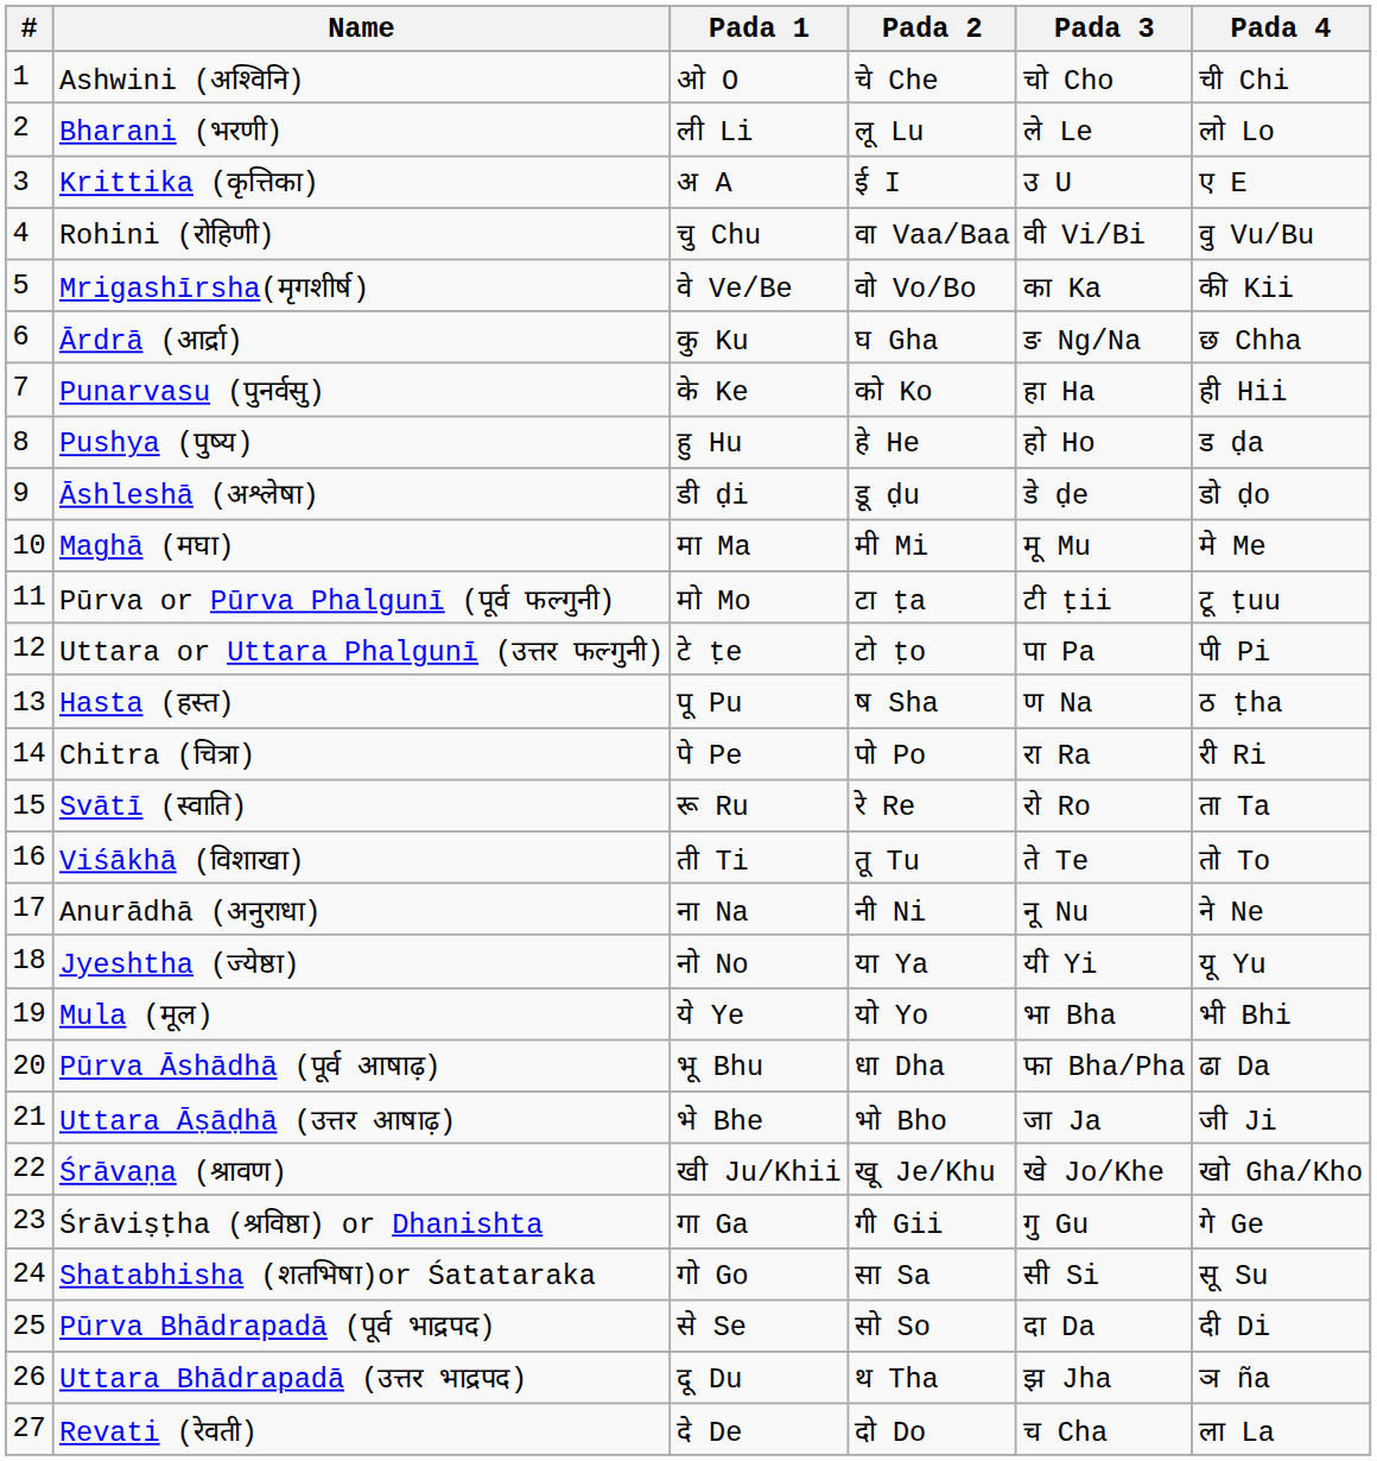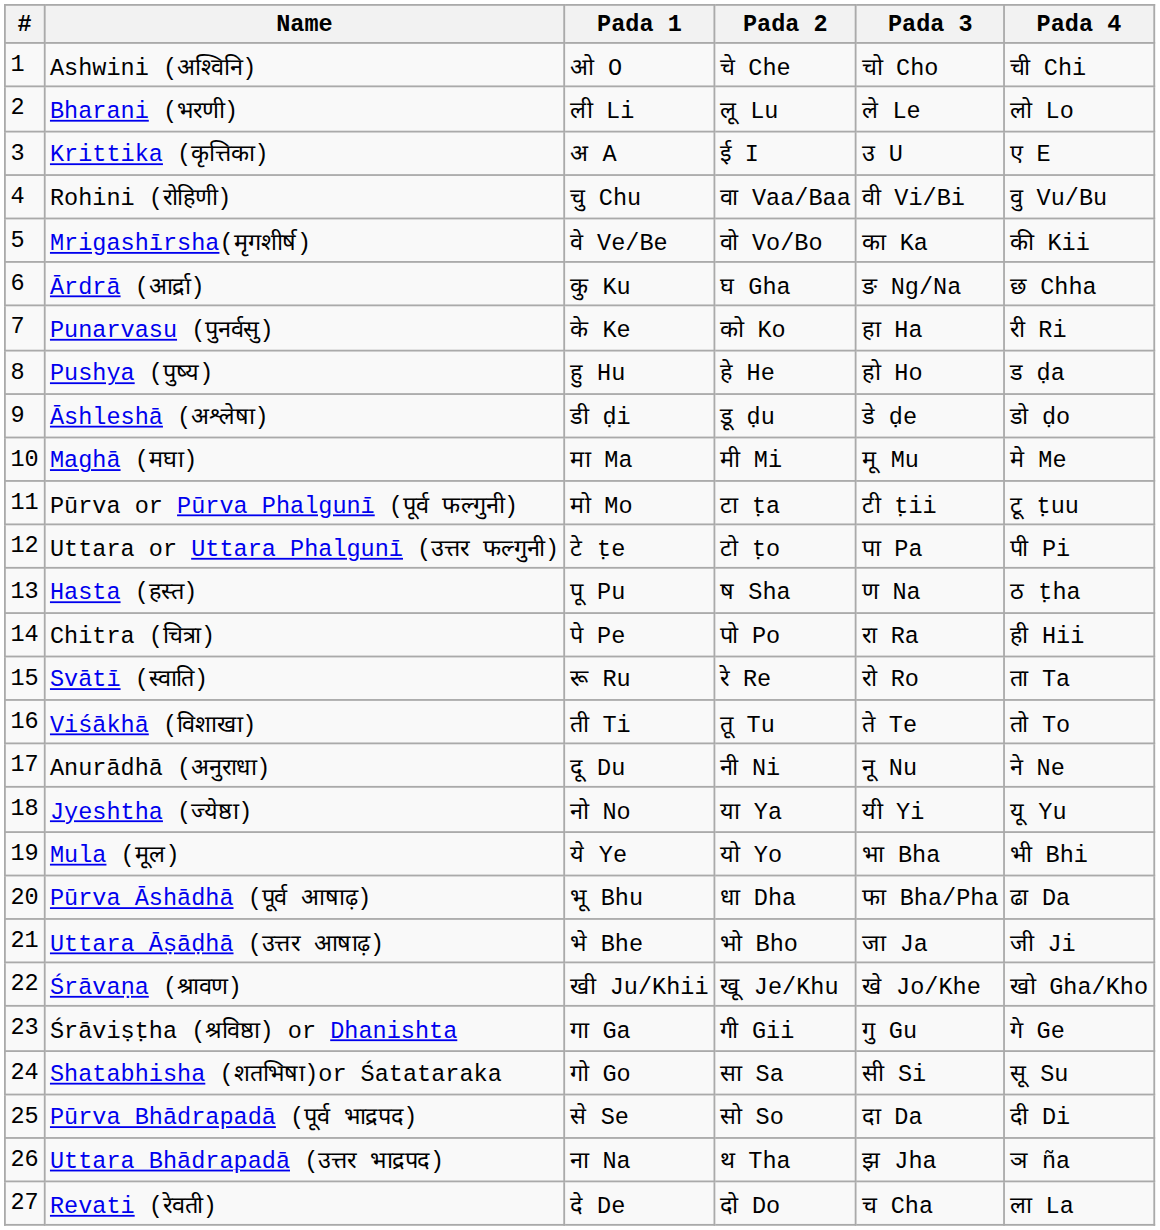 <table class="wikitable" align="center" cellspacing="2" cellpadding="">
 <tr bgcolor=#cccccc>
 <th>#</th>
 <th>Name</th>
 <th>Pada 1</th>
 <th>Pada 2</th>
 <th>Pada 3</th>
 <th>Pada 4</th>
 </tr>
 <tr>
 <td>1</td>
 <td>Ashwini (अश्विनि)</td>
 <td>ओ O</td>
 <td>चे  Che</td>
 <td>चो  Cho</td>
 <td>ची  Chi</td>
 </tr>
 <tr>
 <td>2</td>
 <td><a href='#'>Bharani</a> (भरणी)</td>
 <td>ली  Li</td>
 <td>लू  Lu</td>
 <td>ले  Le</td>
 <td>लो  Lo</td>
 </tr>
 <tr>
 <td>3</td>
 <td><a href='#'>Krittika</a> (कृत्तिका)</td>
 <td>अ A</td>
 <td>ई I</td>
 <td>उ U</td>
 <td>ए E</td>
 </tr>
 <tr>
 <td>4</td>
 <td>Rohini (रोहिणी)</td>
 <td>चु  Chu</td>
 <td>वा  Vaa/Baa</td>
 <td>वी  Vi/Bi</td>
 <td>वु  Vu/Bu</td>
 </tr>
 <tr>
 <td>5</td>
 <td><a href='#'>Mrigashīrsha</a>(मृगशीर्ष)</td>
 <td>वे  Ve/Be</td>
 <td>वो  Vo/Bo</td>
 <td>का  Ka</td>
 <td>की  Kii</td>
 </tr>
 <tr>
 <td>6</td>
 <td><a href='#'>Ārdrā</a> (आर्द्रा)</td>
 <td>कु  Ku</td>
 <td>घ Gha</td>
 <td>ङ Ng/Na</td>
 <td>छ Chha</td>
 </tr>
 <tr>
 <td>7</td>
 <td><a href='#'>Punarvasu</a> (पुनर्वसु)</td>
 <td>के  Ke</td>
 <td>को  Ko</td>
 <td>हा  Ha</td>
-<td>ही  Hii</td>
+<td>री  Ri</td>
 </tr>
 <tr>
 <td>8</td>
 <td><a href='#'>Pushya</a> (पुष्य)</td>
 <td>हु  Hu</td>
 <td>हे  He</td>
 <td>हो  Ho</td>
 <td>ड ḍa</td>
 </tr>
 <tr>
 <td>9</td>
 <td><a href='#'>Āshleshā</a> (अश्लेषा)</td>
 <td>डी  ḍi</td>
 <td>डू  ḍu</td>
 <td>डे  ḍe</td>
 <td>डो  ḍo</td>
 </tr>
 <tr>
 <td>10</td>
 <td><a href='#'>Maghā</a> (मघा)</td>
 <td>मा  Ma</td>
 <td>मी  Mi</td>
 <td>मू  Mu</td>
 <td>मे  Me</td>
 </tr>
 <tr>
 <td>11</td>
 <td>Pūrva or <a href='#'>Pūrva Phalgunī</a> (पूर्व फल्गुनी)</td>
 <td>मो  Mo</td>
 <td>टा  ṭa</td>
 <td>टी  ṭii</td>
 <td>टू  ṭuu</td>
 </tr>
 <tr>
 <td>12</td>
 <td>Uttara or <a href='#'>Uttara Phalgunī</a> (उत्तर फल्गुनी)</td>
 <td>टे  ṭe</td>
 <td>टो  ṭo</td>
 <td>पा  Pa</td>
 <td>पी  Pi</td>
 </tr>
 <tr>
 <td>13</td>
 <td><a href='#'>Hasta</a> (हस्त)</td>
 <td>पू  Pu</td>
 <td>ष Sha</td>
 <td>ण Na</td>
 <td>ठ ṭha</td>
 </tr>
 <tr>
 <td>14</td>
 <td>Chitra (चित्रा)</td>
 <td>पे  Pe</td>
 <td>पो  Po</td>
 <td>रा  Ra</td>
-<td>री  Ri</td>
+<td>ही  Hii</td>
 </tr>
 <tr>
 <td>15</td>
 <td><a href='#'>Svātī</a> (स्वाति)</td>
 <td>रू  Ru</td>
 <td>रे  Re</td>
 <td>रो  Ro</td>
 <td>ता  Ta</td>
 </tr>
 <tr>
 <td>16</td>
 <td><a href='#'>Viśākhā</a> (विशाखा)</td>
 <td>ती  Ti</td>
 <td>तू  Tu</td>
 <td>ते  Te</td>
 <td>तो  To</td>
 </tr>
 <tr>
 <td>17</td>
 <td>Anurādhā (अनुराधा)</td>
-<td>ना  Na</td>
+<td>दू  Du</td>
 <td>नी  Ni</td>
 <td>नू  Nu</td>
 <td>ने  Ne</td>
 </tr>
 <tr>
 <td>18</td>
 <td><a href='#'>Jyeshtha</a> (ज्येष्ठा)</td>
 <td>नो  No</td>
 <td>या  Ya</td>
 <td>यी  Yi</td>
 <td>यू  Yu</td>
 </tr>
 <tr>
 <td>19</td>
 <td><a href='#'>Mula</a> (मूल)</td>
 <td>ये  Ye</td>
 <td>यो  Yo</td>
 <td>भा  Bha</td>
 <td>भी  Bhi</td>
 </tr>
 <tr>
 <td>20</td>
 <td><a href='#'>Pūrva Āshādhā</a> (पूर्व आषाढ़)</td>
 <td>भू  Bhu</td>
 <td>धा  Dha</td>
 <td>फा  Bha/Pha</td>
 <td>ढा  Da</td>
 </tr>
 <tr>
 <td>21</td>
 <td><a href='#'>Uttara Āṣāḍhā</a> (उत्तर आषाढ़)</td>
 <td>भे  Bhe</td>
 <td>भो  Bho</td>
 <td>जा  Ja</td>
 <td>जी  Ji</td>
 </tr>
 <tr>
 <td>22</td>
 <td><a href='#'>Śrāvaṇa</a> (श्र‌ावण)</td>
 <td>खी  Ju/Khii</td>
 <td>खू  Je/Khu</td>
 <td>खे   Jo/Khe</td>
 <td>खो  Gha/Kho</td>
 </tr>
 <tr>
 <td>23</td>
 <td>Śrāviṣṭha (श्रविष्ठा) or <a href='#'>Dhanishta</a></td>
 <td>गा  Ga</td>
 <td>गी  Gii</td>
 <td>गु  Gu</td>
 <td>गे  Ge</td>
 </tr>
 <tr>
 <td>24</td>
 <td><a href='#'>Shatabhisha</a> (शतभिषा)or Śatataraka</td>
 <td>गो  Go</td>
 <td>सा  Sa</td>
 <td>सी  Si</td>
 <td>सू  Su</td>
 </tr>
 <tr>
 <td>25</td>
 <td><a href='#'>Pūrva Bhādrapadā</a> (पूर्व भाद्रपद)</td>
 <td>से  Se</td>
 <td>सो  So</td>
 <td>दा Da</td>
 <td>दी  Di</td>
 </tr>
 <tr>
 <td>26</td>
 <td><a href='#'>Uttara Bhādrapadā</a> (उत्तर भाद्रपद)</td>
-<td>दू  Du</td>
+<td>ना  Na</td>
 <td>थ Tha</td>
 <td>झ Jha</td>
 <td>ञ ña</td>
 </tr>
 <tr>
 <td>27</td>
 <td><a href='#'>Revati</a> (रेवती)</td>
 <td>दे  De</td>
 <td>दो  Do</td>
 <td>च Cha</td>
 <td>ला  La</td>
 </tr>
 </table>
